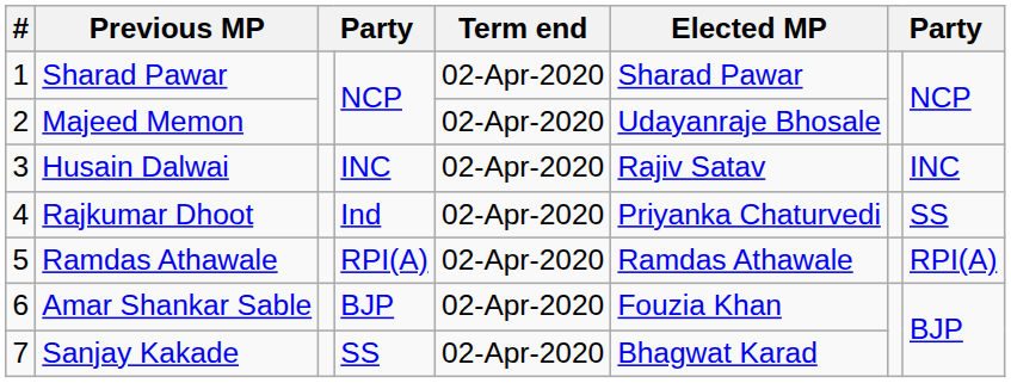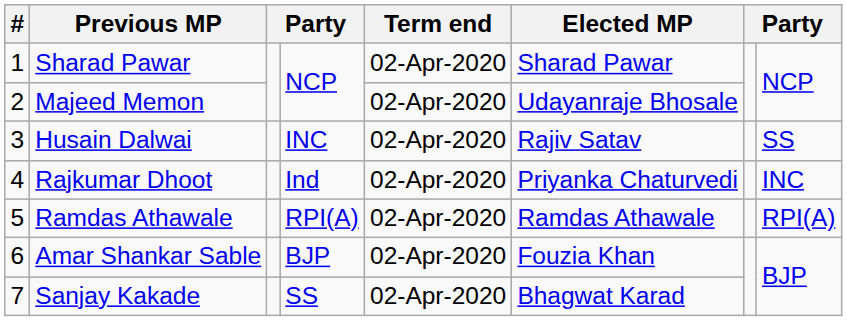 <table class="wikitable sortable">
 <tr>
 <th>#</th>
 <th>Previous MP</th>
 <th colspan="2">Party</th>
 <th>Term end</th>
 <th>Elected MP</th>
 <th colspan="2">Party</th>
 </tr>
 <tr>
 <td>1</td>
 <td><a href='#'>Sharad Pawar</a></td>
 <td rowspan=2></td>
 <td rowspan="2"><a href='#'>NCP</a></td>
 <td>02-Apr-2020</td>
 <td><a href='#'>Sharad Pawar</a></td>
 <td rowspan=2></td>
 <td rowspan="2"><a href='#'>NCP</a></td>
 </tr>
 <tr>
 <td>2</td>
 <td><a href='#'>Majeed Memon</a></td>
 <td>02-Apr-2020</td>
 <td><a href='#'>Udayanraje Bhosale</a></td>
 </tr>
 <tr>
 <td>3</td>
 <td><a href='#'>Husain Dalwai</a></td>
 <td width="1px"></td>
 <td><a href='#'>INC</a></td>
 <td>02-Apr-2020</td>
 <td><a href='#'>Rajiv Satav</a></td>
 <td width="1px"></td>
-<td><a href='#'>INC</a></td>
+<td><a href='#'>SS</a></td>
 </tr>
 <tr>
 <td>4</td>
 <td><a href='#'>Rajkumar Dhoot</a></td>
 <td width="1px"></td>
 <td><a href='#'>Ind</a></td>
 <td>02-Apr-2020</td>
 <td><a href='#'>Priyanka Chaturvedi</a></td>
 <td width="1px"></td>
-<td><a href='#'>SS</a></td>
+<td><a href='#'>INC</a></td>
 </tr>
 <tr>
 <td>5</td>
 <td><a href='#'>Ramdas Athawale</a></td>
 <td width="1px"></td>
 <td><a href='#'>RPI(A)</a></td>
 <td>02-Apr-2020</td>
 <td><a href='#'>Ramdas Athawale</a></td>
 <td width="1px"></td>
 <td><a href='#'>RPI(A)</a></td>
 </tr>
 <tr>
 <td>6</td>
 <td><a href='#'>Amar Shankar Sable</a></td>
 <td width="1px"></td>
 <td><a href='#'>BJP</a></td>
 <td>02-Apr-2020</td>
 <td><a href='#'>Fouzia Khan</a></td>
 <td rowspan=2 width="1px"></td>
 <td rowspan="2"><a href='#'>BJP</a></td>
 </tr>
 <tr>
 <td>7</td>
 <td><a href='#'>Sanjay Kakade</a></td>
 <td width="1px"></td>
 <td><a href='#'>SS</a></td>
 <td>02-Apr-2020</td>
 <td><a href='#'>Bhagwat Karad</a></td>
 </tr>
 </table>
